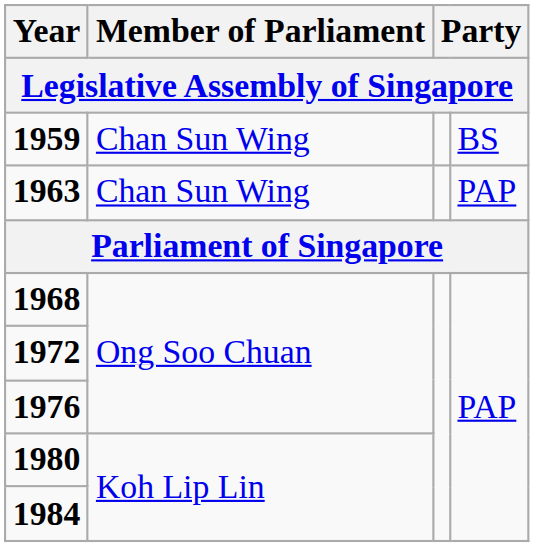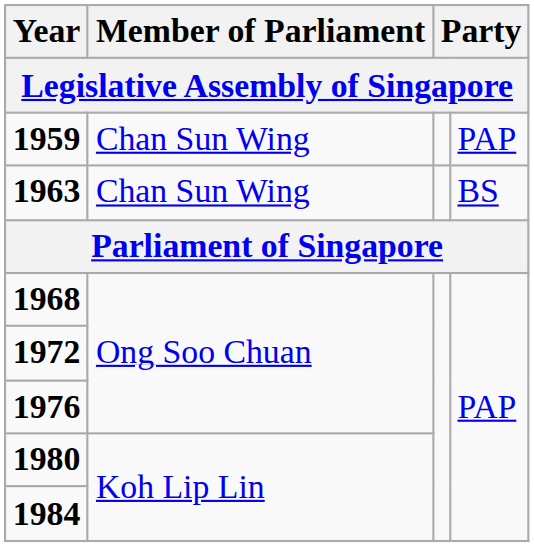 <table class="wikitable">
 <tr>
 <th>Year</th>
 <th>Member of Parliament</th>
 <th colspan="2">Party</th>
 </tr>
 <tr>
 <th colspan="4"><a href='#'>Legislative Assembly of Singapore</a></th>
 </tr>
 <tr>
 <td><strong>1959</strong></td>
 <td><a href='#'>Chan Sun Wing</a></td>
 <td></td>
-<td><a href='#'>BS</a></td>
+<td><a href='#'>PAP</a></td>
 </tr>
 <tr>
 <td><strong>1963</strong></td>
 <td><a href='#'>Chan Sun Wing</a></td>
 <td></td>
-<td><a href='#'>PAP</a></td>
+<td><a href='#'>BS</a></td>
 </tr>
 <tr>
 <th colspan="4"><a href='#'>Parliament of Singapore</a></th>
 </tr>
 <tr>
 <td><strong>1968</strong></td>
 <td rowspan="3"><a href='#'>Ong Soo Chuan</a></td>
 <td rowspan="5"></td>
 <td rowspan="5"><a href='#'>PAP</a></td>
 </tr>
 <tr>
 <td><strong>1972</strong></td>
 </tr>
 <tr>
 <td><strong>1976</strong></td>
 </tr>
 <tr>
 <td><strong>1980</strong></td>
 <td rowspan="2"><a href='#'>Koh Lip Lin</a></td>
 </tr>
 <tr>
 <td><strong>1984</strong></td>
 </tr>
 </table>
